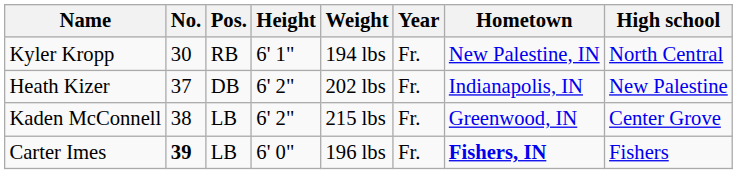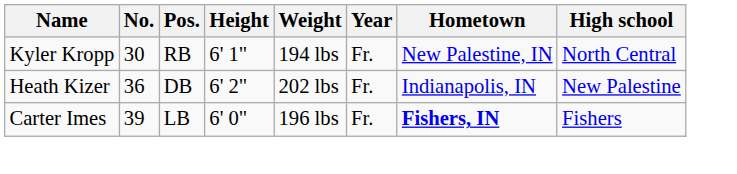 <table class="wikitable sortable" style="text-align:left">
 <tr>
 <th>Name</th>
 <th>No.</th>
 <th>Pos.</th>
 <th>Height</th>
 <th>Weight</th>
 <th>Year</th>
 <th>Hometown</th>
 <th>High school</th>
 </tr>
 <tr>
 <td>Kyler Kropp</td>
 <td>30</td>
 <td>RB</td>
 <td>6' 1"</td>
 <td>194 lbs</td>
 <td>Fr.</td>
 <td><a href='#'>New Palestine, IN</a></td>
 <td><a href='#'>North Central</a></td>
 </tr>
 <tr>
 <td>Heath Kizer</td>
-<td>37</td>
+<td>36</td>
 <td>DB</td>
 <td>6' 2"</td>
 <td>202 lbs</td>
 <td>Fr.</td>
 <td><a href='#'>Indianapolis, IN</a></td>
 <td><a href='#'>New Palestine</a></td>
 </tr>
 <tr>
-<td>Kaden McConnell</td>
-<td>38</td>
-<td>LB</td>
-<td>6' 2"</td>
-<td>215 lbs</td>
-<td>Fr.</td>
-<td><a href='#'>Greenwood, IN</a></td>
-<td><a href='#'>Center Grove</a></td>
-</tr>
-<tr>
 <td>Carter Imes</td>
-<td><strong>39</strong></td>
+<td>39</td>
 <td>LB</td>
 <td>6' 0"</td>
 <td>196 lbs</td>
 <td>Fr.</td>
 <td><strong><a href='#'>Fishers, IN</a></strong></td>
 <td><a href='#'>Fishers</a></td>
 </tr>
 </table>
